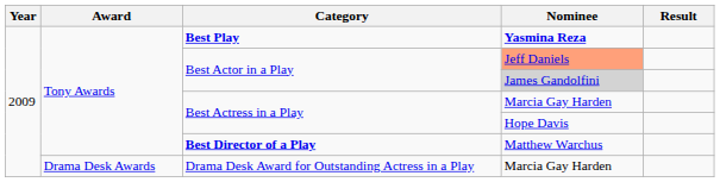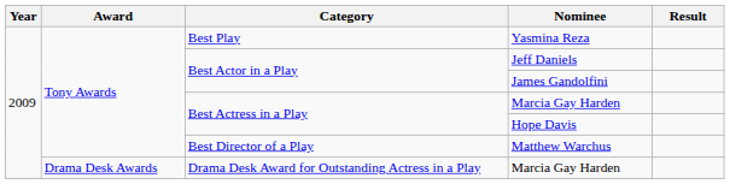 <table class="wikitable" width="95%">
 <tr>
 <th width="5%">Year</th>
 <th width="20%">Award</th>
 <th width="45%">Category</th>
 <th width="20%">Nominee</th>
 <th width="10%">Result</th>
 </tr>
 <tr>
 <td rowspan=7>2009</td>
 <td rowspan=6><a href='#'>Tony Awards</a></td>
-<td><strong><a href='#'>Best Play</a></strong></td>
-<td><strong><a href='#'>Yasmina Reza</a></strong></td>
+<td><a href='#'>Best Play</a></td>
+<td><a href='#'>Yasmina Reza</a></td>
 <td></td>
 </tr>
 <tr>
 <td rowspan=2><a href='#'>Best Actor in a Play</a></td>
-<td style="background: lightsalmon;"><a href='#'>Jeff Daniels</a></td>
+<td><a href='#'>Jeff Daniels</a></td>
 <td></td>
 </tr>
 <tr>
-<td style="background: lightgrey;"><a href='#'>James Gandolfini</a></td>
+<td><a href='#'>James Gandolfini</a></td>
 <td></td>
 </tr>
 <tr>
 <td rowspan=2><a href='#'>Best Actress in a Play</a></td>
 <td><a href='#'>Marcia Gay Harden</a></td>
 <td></td>
 </tr>
 <tr>
 <td><a href='#'>Hope Davis</a></td>
 <td></td>
 </tr>
 <tr>
-<td><strong><a href='#'>Best Director of a Play</a></strong></td>
+<td><a href='#'>Best Director of a Play</a></td>
 <td><a href='#'>Matthew Warchus</a></td>
 <td></td>
 </tr>
 <tr>
 <td><a href='#'>Drama Desk Awards</a></td>
 <td><a href='#'>Drama Desk Award for Outstanding Actress in a Play</a></td>
 <td>Marcia Gay Harden</td>
 <td></td>
 </tr>
 </table>
